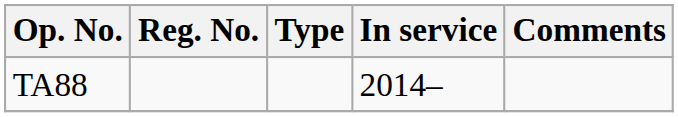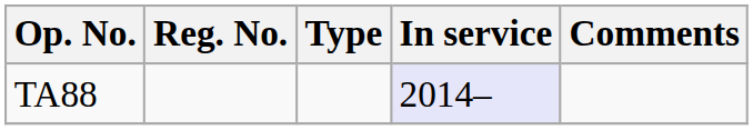 <table class="wikitable">
 <tr>
 <th>Op. No.</th>
 <th>Reg. No.</th>
 <th>Type</th>
 <th>In service</th>
 <th>Comments</th>
 </tr>
 <tr>
 <td>TA88</td>
 <td></td>
 <td></td>
-<td>2014–</td>
+<td style="background: lavender;">2014–</td>
 <td></td>
 </tr>
 <tr>
 </tr>
 </table>
